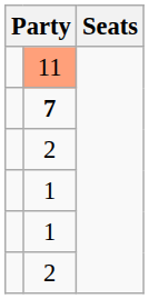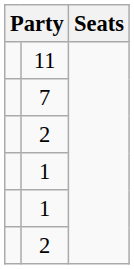 <table class="wikitable" style="font-size: 95%;">
 <tr>
 <th colspan=2>Party</th>
 <th>Seats</th>
 </tr>
 <tr>
 <td></td>
-<td align="center" style="background: lightsalmon;">11</td>
+<td align="center">11</td>
 </tr>
 <tr>
 <td></td>
-<td align="center"><strong>7</strong></td>
+<td align="center">7</td>
 </tr>
 <tr>
 <td></td>
 <td align="center">2</td>
 </tr>
 <tr>
 <td></td>
 <td align="center">1</td>
 </tr>
 <tr>
 <td></td>
 <td align="center">1</td>
 </tr>
 <tr>
 <td></td>
 <td align="center">2</td>
 </tr>
 </table>
